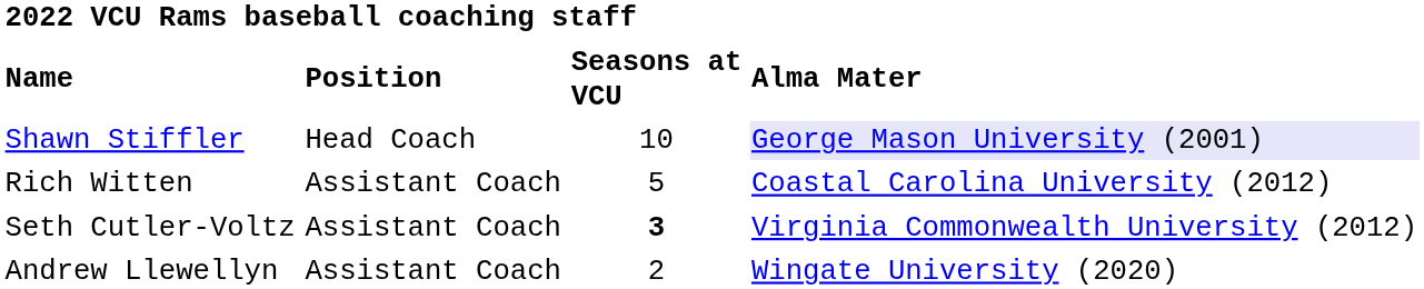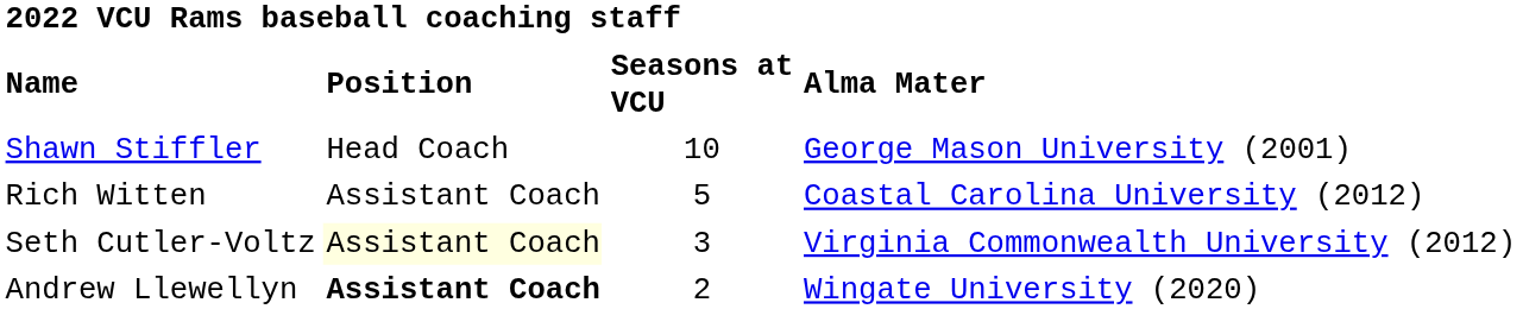 <table class="toccolours" style="text-align: left; font-size:90%;">
 <tr>
 <th colspan="4">2022 VCU Rams baseball coaching staff</th>
 </tr>
 <tr>
 <th>Name</th>
 <th>Position</th>
 <th>Seasons at<br>VCU</th>
 <th>Alma Mater</th>
 </tr>
 <tr>
 <td><a href='#'>Shawn Stiffler</a></td>
 <td>Head Coach</td>
 <td align=center>10</td>
-<td style="background: lavender;"><a href='#'>George Mason University</a> (2001)</td>
+<td><a href='#'>George Mason University</a> (2001)</td>
 </tr>
 <tr>
 <td>Rich Witten</td>
 <td>Assistant Coach</td>
 <td align=center>5</td>
 <td><a href='#'>Coastal Carolina University</a> (2012)</td>
 </tr>
 <tr>
 <td>Seth Cutler-Voltz</td>
-<td>Assistant Coach</td>
-<td align=center><strong>3</strong></td>
+<td style="background: lightyellow;">Assistant Coach</td>
+<td align=center>3</td>
 <td><a href='#'>Virginia Commonwealth University</a> (2012)</td>
 </tr>
 <tr>
 <td>Andrew Llewellyn</td>
-<td>Assistant Coach</td>
+<td><strong>Assistant Coach</strong></td>
 <td align=center>2</td>
 <td><a href='#'>Wingate University</a> (2020)</td>
 </tr>
 </table>
